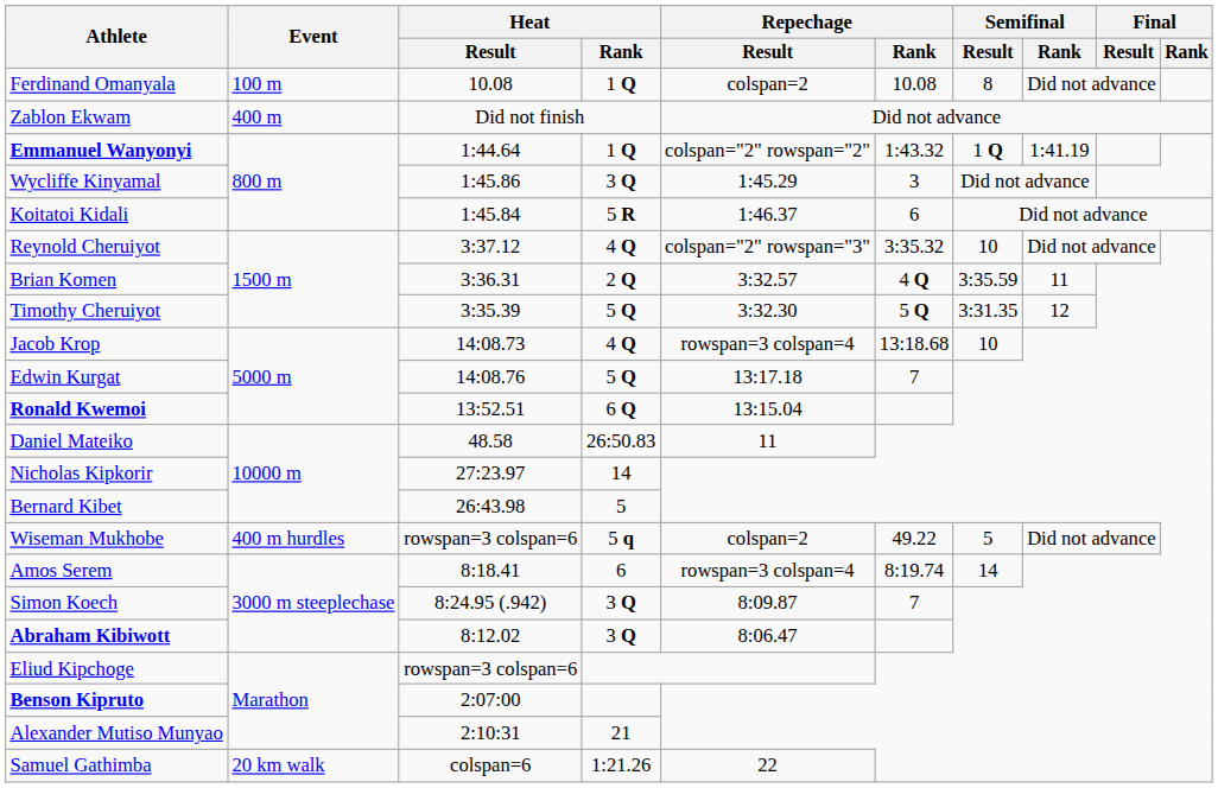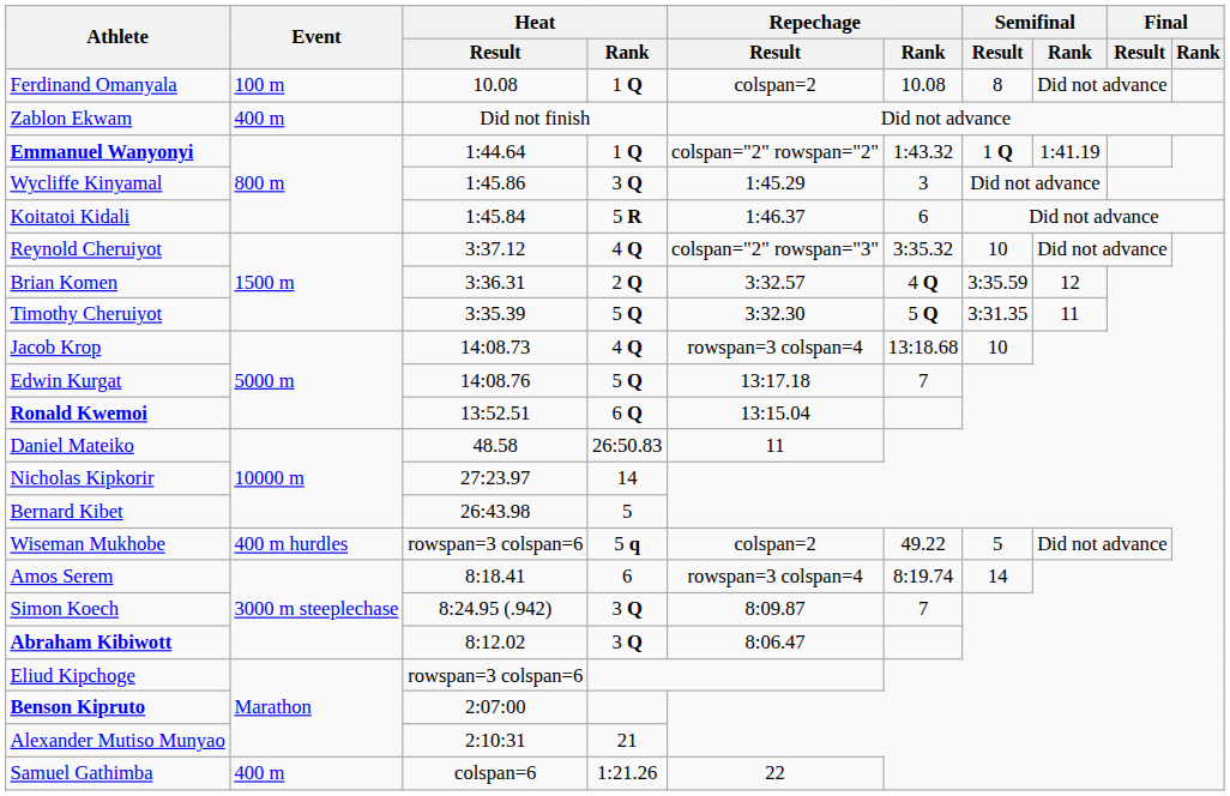 <table class="wikitable" style="font-size:90%">
 <tr>
 <th rowspan="2">Athlete</th>
 <th rowspan="2">Event</th>
 <th colspan="2">Heat</th>
 <th colspan="2">Repechage</th>
 <th colspan="2">Semifinal</th>
 <th colspan="2">Final</th>
 </tr>
 <tr style="font-size:95%">
 <th>Result</th>
 <th>Rank</th>
 <th>Result</th>
 <th>Rank</th>
 <th>Result</th>
 <th>Rank</th>
 <th>Result</th>
 <th>Rank</th>
 </tr>
 <tr align=center>
 <td align=left><a href='#'>Ferdinand Omanyala</a></td>
 <td align=left><a href='#'>100 m</a></td>
 <td>10.08</td>
 <td>1 <strong>Q</strong></td>
 <td>colspan=2 </td>
 <td>10.08</td>
 <td>8</td>
 <td colspan=2>Did not advance</td>
 </tr>
 <tr align=center>
 <td align=left><a href='#'>Zablon Ekwam</a></td>
 <td align=left><a href='#'>400 m</a></td>
 <td Colspan="2">Did not finish</td>
 <td colspan="6">Did not advance</td>
 </tr>
 <tr align=center>
 <td align=left><strong><a href='#'>Emmanuel Wanyonyi</a></strong></td>
 <td align=left rowspan=3><a href='#'>800 m</a></td>
 <td>1:44.64</td>
 <td>1 <strong>Q</strong></td>
 <td>colspan="2" rowspan="2" </td>
 <td>1:43.32</td>
 <td>1 <strong>Q</strong></td>
 <td>1:41.19 <strong></strong></td>
 <td></td>
 </tr>
 <tr align=center>
 <td align=left><a href='#'>Wycliffe Kinyamal</a></td>
 <td>1:45.86</td>
 <td>3 <strong>Q</strong></td>
 <td>1:45.29</td>
 <td>3</td>
 <td colspan=2>Did not advance</td>
 </tr>
 <tr align=center>
 <td align=left><a href='#'>Koitatoi Kidali</a></td>
 <td>1:45.84</td>
 <td>5 <strong>R</strong></td>
 <td>1:46.37</td>
 <td>6</td>
 <td colspan=4>Did not advance</td>
 </tr>
 <tr align=center>
 <td align=left><a href='#'>Reynold Cheruiyot</a></td>
 <td align=left rowspan=3><a href='#'>1500 m</a></td>
 <td>3:37.12</td>
 <td>4 <strong>Q</strong></td>
 <td>colspan="2" rowspan="3" </td>
 <td>3:35.32</td>
 <td>10</td>
 <td colspan="2">Did not advance</td>
 </tr>
 <tr align=center>
 <td align=left><a href='#'>Brian Komen</a></td>
 <td>3:36.31</td>
 <td>2 <strong>Q</strong></td>
 <td>3:32.57</td>
 <td>4 <strong>Q</strong></td>
 <td>3:35.59</td>
-<td>11</td>
+<td>12</td>
 </tr>
 <tr align=center>
 <td align=left><a href='#'>Timothy Cheruiyot</a></td>
 <td>3:35.39</td>
 <td>5 <strong>Q</strong></td>
 <td>3:32.30</td>
 <td>5 <strong>Q</strong></td>
 <td>3:31.35</td>
-<td>12</td>
+<td>11</td>
 </tr>
 <tr align=center>
 <td align=left><a href='#'>Jacob Krop</a></td>
 <td align=left rowspan=3><a href='#'>5000 m</a></td>
 <td>14:08.73</td>
 <td>4 <strong>Q</strong></td>
 <td>rowspan=3 colspan=4 </td>
 <td>13:18.68 <strong></strong></td>
 <td>10</td>
 </tr>
 <tr align=center>
 <td align=left><a href='#'>Edwin Kurgat</a></td>
 <td>14:08.76</td>
 <td>5 <strong>Q</strong></td>
 <td>13:17.18</td>
 <td>7</td>
 </tr>
 <tr align=center>
 <td align=left><strong><a href='#'>Ronald Kwemoi</a></strong></td>
 <td>13:52.51</td>
 <td>6 <strong>Q</strong></td>
 <td>13:15.04</td>
 <td></td>
 </tr>
 <tr align=center>
 <td align=left><a href='#'>Daniel Mateiko</a></td>
 <td align=left rowspan=3><a href='#'>10000 m</a></td>
 <td>48.58</td>
 <td>26:50.83</td>
 <td>11</td>
 </tr>
 <tr align=center>
 <td align=left><a href='#'>Nicholas Kipkorir</a></td>
 <td>27:23.97</td>
 <td>14</td>
 </tr>
 <tr align=center>
 <td align=left><a href='#'>Bernard Kibet</a></td>
 <td>26:43.98</td>
 <td>5</td>
 </tr>
 <tr align=center>
 <td align=left><a href='#'>Wiseman Mukhobe</a></td>
 <td align=left><a href='#'>400 m hurdles</a></td>
 <td>rowspan=3 colspan=6 </td>
 <td>5 <strong>q</strong></td>
 <td>colspan=2 </td>
 <td>49.22</td>
 <td>5</td>
 <td colspan=2>Did not advance</td>
 </tr>
 <tr align=center>
 <td align=left><a href='#'>Amos Serem</a></td>
 <td align=left rowspan=3><a href='#'>3000 m steeplechase</a></td>
 <td>8:18.41</td>
 <td>6 <strong></strong></td>
 <td>rowspan=3 colspan=4 </td>
 <td>8:19.74</td>
 <td>14</td>
 </tr>
 <tr align=center>
 <td align=left><a href='#'>Simon Koech</a></td>
 <td>8:24.95 (.942)</td>
 <td>3 <strong>Q</strong></td>
 <td>8:09.87</td>
 <td>7</td>
 </tr>
 <tr align=center>
 <td align=left><strong><a href='#'>Abraham Kibiwott</a></strong></td>
 <td>8:12.02</td>
 <td>3 <strong>Q</strong></td>
 <td>8:06.47</td>
 <td></td>
 </tr>
 <tr align=center>
 <td align=left><a href='#'>Eliud Kipchoge</a></td>
 <td align=left rowspan=3><a href='#'>Marathon</a></td>
 <td>rowspan=3 colspan=6 </td>
 <td colspan=2></td>
 </tr>
 <tr align=center>
 <td align=left><strong><a href='#'>Benson Kipruto</a></strong></td>
 <td>2:07:00</td>
 <td></td>
 </tr>
 <tr align=center>
 <td align=left><a href='#'>Alexander Mutiso Munyao</a></td>
 <td>2:10:31</td>
 <td>21</td>
 </tr>
 <tr align=center>
 <td align=left><a href='#'>Samuel Gathimba</a></td>
-<td align=left><a href='#'>20 km walk</a></td>
+<td align=left><a href='#'>400 m</a></td>
 <td>colspan=6 </td>
 <td>1:21.26</td>
 <td>22</td>
 </tr>
 </table>
